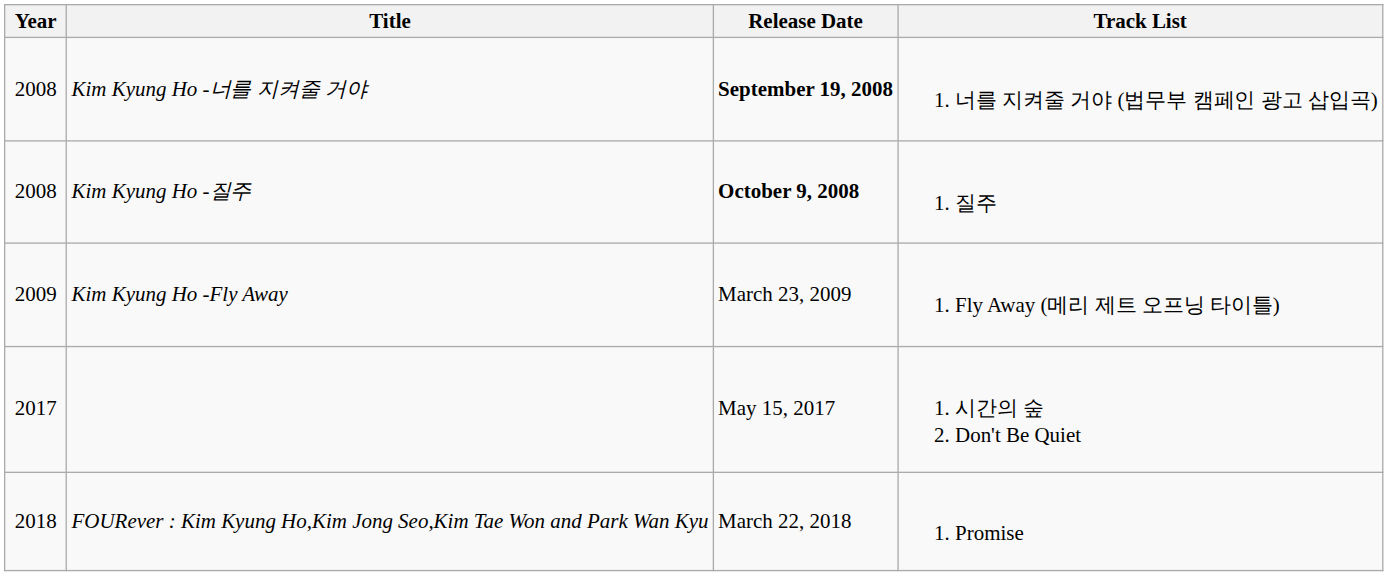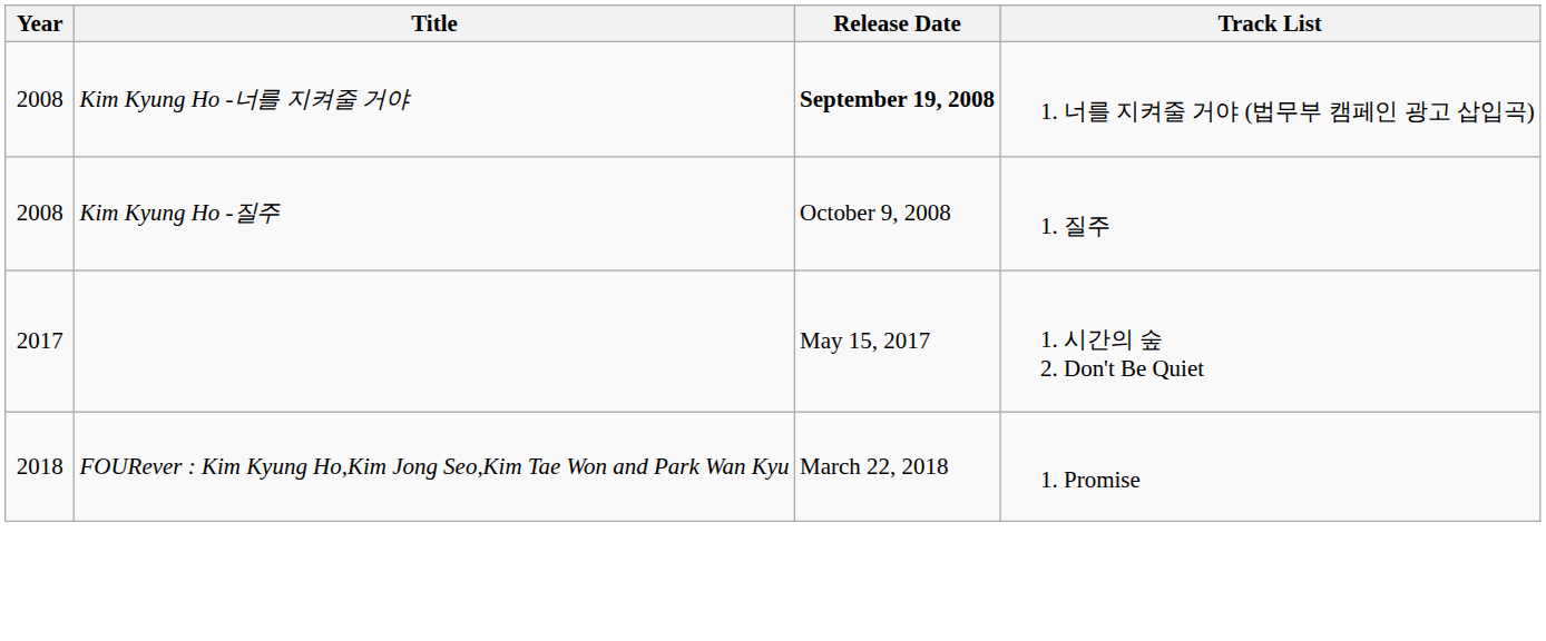 <table class="wikitable">
 <tr>
 <th style="width:40px;">Year</th>
 <th>Title</th>
 <th>Release Date</th>
 <th>Track List</th>
 </tr>
 <tr>
 <td style="text-align:center;">2008</td>
 <td><em>Kim Kyung Ho -너를 지켜줄 거야</em></td>
 <td><strong>September 19, 2008</strong></td>
 <td><br><ol><li>너를 지켜줄 거야 (법무부 캠페인 광고 삽입곡)</li></ol></td>
 </tr>
 <tr>
 <td style="text-align:center;">2008</td>
 <td><em>Kim Kyung Ho -질주</em></td>
-<td><strong>October 9, 2008</strong></td>
+<td>October 9, 2008</td>
 <td><br><ol><li>질주</li></ol></td>
-</tr>
-<tr>
-<td style="text-align:center;">2009</td>
-<td><em>Kim Kyung Ho -Fly Away</em></td>
-<td>March 23, 2009</td>
-<td><br><ol><li>Fly Away (메리 제트 오프닝 타이틀)</li></ol></td>
 </tr>
 <tr>
 <td style="text-align:center;">2017</td>
 <td><em></em></td>
 <td>May 15, 2017</td>
 <td><br><ol><li>시간의 숲</li><li>Don't Be Quiet</li></ol></td>
 </tr>
 <tr>
 <td style="text-align:center;">2018</td>
 <td><em>FOURever : Kim Kyung Ho,Kim Jong Seo,Kim Tae Won and Park Wan Kyu</em></td>
 <td>March 22, 2018</td>
 <td><br><ol><li>Promise</li></ol></td>
 </tr>
 </table>
